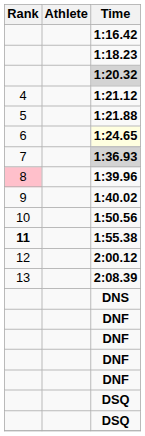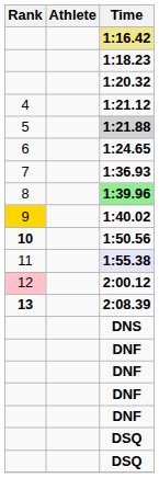 <table class=wikitable style="text-align:center;">
 <tr>
 <th>Rank</th>
 <th>Athlete</th>
 <th>Time</th>
 </tr>
 <tr>
 <td></td>
 <td align=left></td>
-<td><strong>1:16.42</strong></td>
+<td style="background: khaki;"><strong>1:16.42</strong></td>
 </tr>
 <tr>
 <td></td>
 <td align=left></td>
 <td><strong>1:18.23</strong></td>
 </tr>
 <tr>
 <td></td>
 <td align=left></td>
-<td style="background: lightgrey;"><strong>1:20.32</strong></td>
+<td><strong>1:20.32</strong></td>
 </tr>
 <tr>
 <td>4</td>
 <td align=left></td>
 <td><strong>1:21.12</strong></td>
 </tr>
 <tr>
 <td>5</td>
 <td align=left></td>
-<td><strong>1:21.88</strong></td>
+<td style="background: lightgrey;"><strong>1:21.88</strong></td>
 </tr>
 <tr>
 <td>6</td>
 <td align=left></td>
-<td style="background: lightyellow;"><strong>1:24.65</strong></td>
+<td><strong>1:24.65</strong></td>
 </tr>
 <tr>
 <td>7</td>
 <td align=left></td>
-<td style="background: lightgrey;"><strong>1:36.93</strong></td>
+<td><strong>1:36.93</strong></td>
 </tr>
 <tr>
-<td style="background: pink;">8</td>
+<td>8</td>
 <td align=left></td>
-<td><strong>1:39.96</strong></td>
+<td style="background: lightgreen;"><strong>1:39.96</strong></td>
 </tr>
 <tr>
-<td>9</td>
+<td style="background: gold;">9</td>
 <td align=left></td>
 <td><strong>1:40.02</strong></td>
 </tr>
 <tr>
-<td>10</td>
+<td><strong>10</strong></td>
 <td align=left></td>
 <td><strong>1:50.56</strong></td>
 </tr>
 <tr>
-<td><strong>11</strong></td>
+<td>11</td>
 <td align=left></td>
-<td><strong>1:55.38</strong></td>
+<td style="background: lavender;"><strong>1:55.38</strong></td>
 </tr>
 <tr>
-<td>12</td>
+<td style="background: pink;">12</td>
 <td align=left></td>
 <td><strong>2:00.12</strong></td>
 </tr>
 <tr>
-<td>13</td>
+<td><strong>13</strong></td>
 <td align=left></td>
 <td><strong>2:08.39</strong></td>
 </tr>
 <tr>
 <td></td>
 <td align=left></td>
 <td><strong>DNS</strong></td>
 </tr>
 <tr>
 <td></td>
 <td align=left></td>
 <td><strong>DNF</strong></td>
 </tr>
 <tr>
 <td></td>
 <td align=left></td>
 <td><strong>DNF</strong></td>
 </tr>
 <tr>
 <td></td>
 <td align=left></td>
 <td><strong>DNF</strong></td>
 </tr>
 <tr>
 <td></td>
 <td align=left></td>
 <td><strong>DNF</strong></td>
 </tr>
 <tr>
 <td></td>
 <td align=left></td>
 <td><strong>DSQ</strong></td>
 </tr>
 <tr>
 <td></td>
 <td align=left></td>
 <td><strong>DSQ</strong></td>
 </tr>
 <tr>
 </tr>
 </table>
